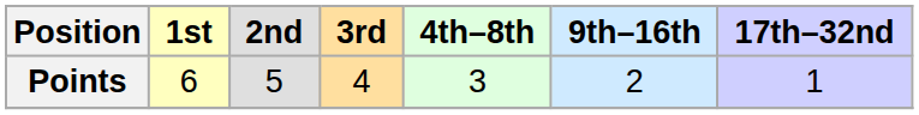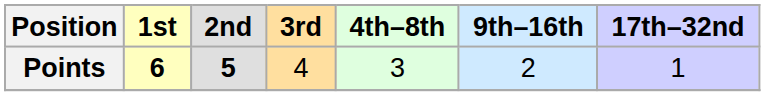 <table class="wikitable" style="font-size: 85%; text-align:center">
 <tr>
 <th>Position</th>
 <th style="background-color:#ffffbf"> 1st </th>
 <th style="background-color:#dfdfdf"> 2nd </th>
 <th style="background-color:#ffdf9f"> 3rd </th>
 <th style="background-color:#dfffdf"> 4th–8th </th>
 <th style="background-color:#cfeaff"> 9th–16th </th>
 <th style="background-color:#cfcfff"> 17th–32nd </th>
 </tr>
 <tr>
 <th>Points</th>
-<td style="background-color:#ffffbf">6</td>
-<td style="background-color:#dfdfdf">5</td>
+<td style="background-color:#ffffbf"><strong>6</strong></td>
+<td style="background-color:#dfdfdf"><strong>5</strong></td>
 <td style="background-color:#ffdf9f">4</td>
 <td style="background-color:#dfffdf">3</td>
 <td style="background-color:#cfeaff">2</td>
 <td style="background-color:#cfcfff">1</td>
 </tr>
 <tr>
 </tr>
 </table>
